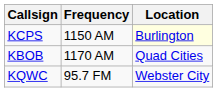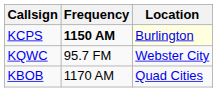 <table class="wikitable">
 <tr>
 <th>Callsign</th>
 <th>Frequency</th>
 <th>Location</th>
 </tr>
 <tr>
 <td><a href='#'>KCPS</a></td>
-<td>1150 AM</td>
+<td><strong>1150 AM</strong></td>
 <td style="background: lightyellow;"><a href='#'>Burlington</a></td>
+</tr>
+<tr>
+<td><a href='#'>KQWC</a></td>
+<td>95.7 FM</td>
+<td><a href='#'>Webster City</a></td>
 </tr>
 <tr>
 <td><a href='#'>KBOB</a></td>
 <td>1170 AM</td>
 <td><a href='#'>Quad Cities</a></td>
 </tr>
-<tr>
-<td><a href='#'>KQWC</a></td>
-<td>95.7 FM</td>
-<td><a href='#'>Webster City</a></td>
-</tr>
 </table>
